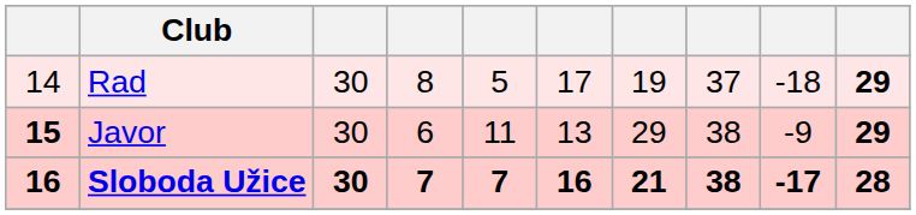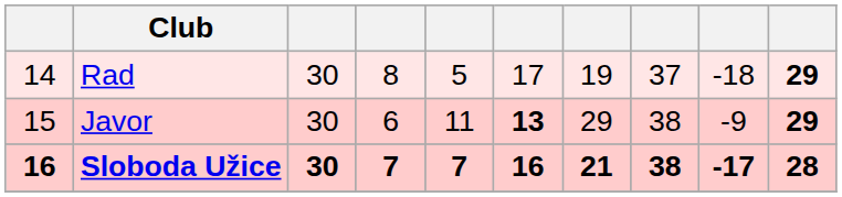 <table class="wikitable" style="text-align:center">
 <tr>
 <th width=30></th>
 <th>Club</th>
 <th width=30></th>
 <th width=30></th>
 <th width=30></th>
 <th width=30></th>
 <th width=30></th>
 <th width=30></th>
 <th width=30></th>
 <th width=30></th>
 </tr>
 <tr bgcolor=FFE6E6>
 <td>14</td>
 <td align=left><a href='#'>Rad</a></td>
 <td>30</td>
 <td>8</td>
 <td>5</td>
 <td>17</td>
 <td>19</td>
 <td>37</td>
 <td>-18</td>
 <td><strong>29</strong></td>
 </tr>
 <tr bgcolor=FFCCCC>
-<td><strong>15</strong></td>
+<td>15</td>
 <td align=left><a href='#'>Javor</a></td>
 <td>30</td>
 <td>6</td>
 <td>11</td>
-<td>13</td>
+<td><strong>13</strong></td>
 <td>29</td>
 <td>38</td>
 <td>-9</td>
 <td><strong>29</strong></td>
 </tr>
 <tr bgcolor=FFCCCC>
 <td><strong>16</strong></td>
 <td align=left><strong><a href='#'>Sloboda Užice</a></strong></td>
 <td><strong>30</strong></td>
 <td><strong>7</strong></td>
 <td><strong>7</strong></td>
 <td><strong>16</strong></td>
 <td><strong>21</strong></td>
 <td><strong>38</strong></td>
 <td><strong>-17</strong></td>
 <td><strong>28</strong></td>
 </tr>
 <tr>
 </tr>
 </table>
